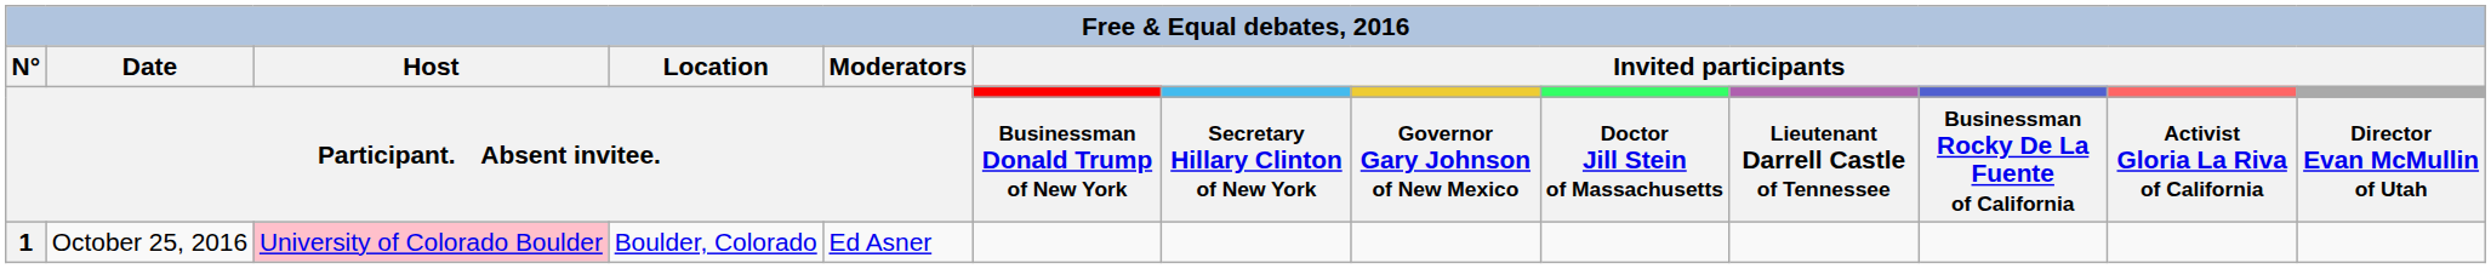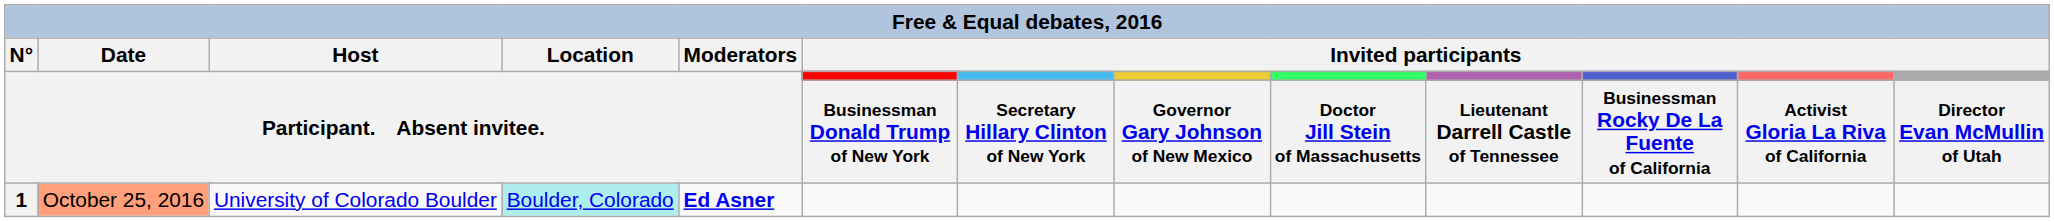 <table class="wikitable" style="font-size:90%">
 <tr>
 <th style="background:#B0C4DE" colspan="13">Free & Equal debates, 2016</th>
 </tr>
 <tr>
 <th>N°</th>
 <th>Date</th>
 <th>Host</th>
 <th>Location</th>
 <th>Moderators</th>
 <th scope="col" colspan="8">Invited participants</th>
 </tr>
 <tr>
 <th colspan="5" rowspan="2"> Participant.     Absent invitee.</th>
 <th scope="col" style="width:7em; background:#FF0000;"><a href='#'></a></th>
 <th scope="col" style="width:7em; background:#44BBEE;"><a href='#'></a></th>
 <th scope="col" style="width:7em; background:#EECC33;"><a href='#'></a></th>
 <th scope="col" style="width:7em; background:#33FF66;"><a href='#'></a></th>
 <th scope="col" style="width:7em; background:#AF60AF;"><a href='#'></a></th>
 <th scope="col" style="width:7em; background:#5060D0;"><a href='#'></a></th>
 <th scope="col" style="width:7em; background:#FF6666;"><a href='#'></a></th>
 <th scope="col" style="width:7em; background:#AAAAAA;"><em><a href='#'></a></em></th>
 </tr>
 <tr>
 <th><small>Businessman</small><br><a href='#'>Donald Trump</a><br><small>of New York</small></th>
 <th><small>Secretary</small><br><a href='#'>Hillary Clinton</a><br><small>of New York</small></th>
 <th><small>Governor</small><br><a href='#'>Gary Johnson</a><br><small>of New Mexico</small></th>
 <th><small>Doctor</small><br><a href='#'>Jill Stein</a><br><small>of Massachusetts</small></th>
 <th><small>Lieutenant</small><br>Darrell Castle<br><small>of Tennessee</small></th>
 <th><small>Businessman</small><br><a href='#'>Rocky De La Fuente</a><br><small>of California</small></th>
 <th><small>Activist</small><br><a href='#'>Gloria La Riva</a><br><small>of California</small></th>
 <th><small>Director</small><br><a href='#'>Evan McMullin</a><br><small>of Utah</small></th>
 </tr>
 <tr>
 <th><strong>1</strong></th>
-<td>October 25, 2016</td>
-<td style="background: pink;"><a href='#'>University of Colorado Boulder</a></td>
-<td><a href='#'>Boulder, Colorado</a></td>
-<td><a href='#'>Ed Asner</a></td>
+<td style="background: lightsalmon;">October 25, 2016</td>
+<td><a href='#'>University of Colorado Boulder</a></td>
+<td style="background: paleturquoise;"><a href='#'>Boulder, Colorado</a></td>
+<td><strong><a href='#'>Ed Asner</a></strong></td>
 <td></td>
 <td></td>
 <td></td>
 <td></td>
 <td></td>
 <td></td>
 <td></td>
 <td></td>
 </tr>
 </table>
